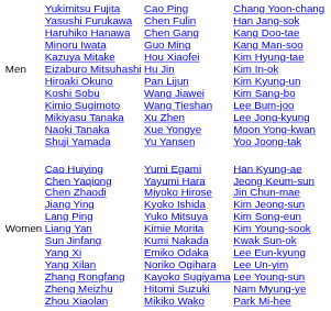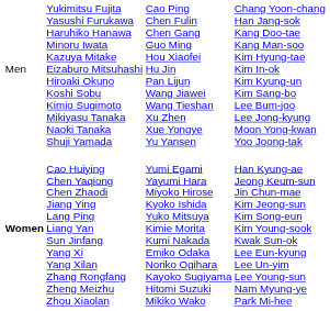 <table>
 <tr>
 <td>Men<br></td>
 <td><br><a href='#'>Yukimitsu Fujita</a><br><a href='#'>Yasushi Furukawa</a><br><a href='#'>Haruhiko Hanawa</a><br><a href='#'>Minoru Iwata</a><br><a href='#'>Kazuya Mitake</a><br><a href='#'>Eizaburo Mitsuhashi</a><br><a href='#'>Hiroaki Okuno</a><br><a href='#'>Koshi Sobu</a><br><a href='#'>Kimio Sugimoto</a><br><a href='#'>Mikiyasu Tanaka</a><br><a href='#'>Naoki Tanaka</a><br><a href='#'>Shuji Yamada</a></td>
 <td><br><a href='#'>Cao Ping</a><br><a href='#'>Chen Fulin</a><br><a href='#'>Chen Gang</a><br><a href='#'>Guo Ming</a><br><a href='#'>Hou Xiaofei</a><br><a href='#'>Hu Jin</a><br><a href='#'>Pan Lijun</a><br><a href='#'>Wang Jiawei</a><br><a href='#'>Wang Tieshan</a><br><a href='#'>Xu Zhen</a><br><a href='#'>Xue Yongye</a><br><a href='#'>Yu Yansen</a></td>
 <td><br><a href='#'>Chang Yoon-chang</a><br><a href='#'>Han Jang-sok</a><br><a href='#'>Kang Doo-tae</a><br><a href='#'>Kang Man-soo</a><br><a href='#'>Kim Hyung-tae</a><br><a href='#'>Kim In-ok</a><br><a href='#'>Kim Kyung-un</a><br><a href='#'>Kim Sang-bo</a><br><a href='#'>Lee Bum-joo</a><br><a href='#'>Lee Jong-kyung</a><br><a href='#'>Moon Yong-kwan</a><br><a href='#'>Yoo Joong-tak</a></td>
 </tr>
 <tr>
-<td>Women<br></td>
+<td><strong>Women<br></strong></td>
 <td><br><a href='#'>Cao Huiying</a><br><a href='#'>Chen Yaqiong</a><br><a href='#'>Chen Zhaodi</a><br><a href='#'>Jiang Ying</a><br><a href='#'>Lang Ping</a><br><a href='#'>Liang Yan</a><br><a href='#'>Sun Jinfang</a><br><a href='#'>Yang Xi</a><br><a href='#'>Yang Xilan</a><br><a href='#'>Zhang Rongfang</a><br><a href='#'>Zheng Meizhu</a><br><a href='#'>Zhou Xiaolan</a></td>
 <td><br><a href='#'>Yumi Egami</a><br><a href='#'>Yayumi Hara</a><br><a href='#'>Miyoko Hirose</a><br><a href='#'>Kyoko Ishida</a><br><a href='#'>Yuko Mitsuya</a><br><a href='#'>Kimie Morita</a><br><a href='#'>Kumi Nakada</a><br><a href='#'>Emiko Odaka</a><br><a href='#'>Noriko Ogihara</a><br><a href='#'>Kayoko Sugiyama</a><br><a href='#'>Hitomi Suzuki</a><br><a href='#'>Mikiko Wako</a></td>
 <td><br><a href='#'>Han Kyung-ae</a><br><a href='#'>Jeong Keum-sun</a><br><a href='#'>Jin Chun-mae</a><br><a href='#'>Kim Jeong-sun</a><br><a href='#'>Kim Song-eun</a><br><a href='#'>Kim Young-sook</a><br><a href='#'>Kwak Sun-ok</a><br><a href='#'>Lee Eun-kyung</a><br><a href='#'>Lee Un-yim</a><br><a href='#'>Lee Young-sun</a><br><a href='#'>Nam Myung-ye</a><br><a href='#'>Park Mi-hee</a></td>
 </tr>
 </table>
